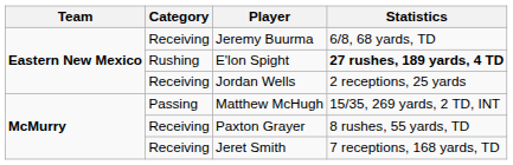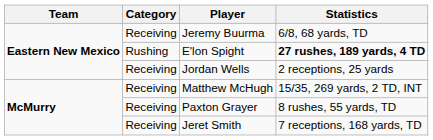 <table class="wikitable" style="float: left;">
 <tr>
 <th>Team</th>
 <th>Category</th>
 <th>Player</th>
 <th>Statistics</th>
 </tr>
 <tr>
 <td rowspan=3><strong>Eastern New Mexico</strong></td>
 <td>Receiving</td>
 <td>Jeremy Buurma</td>
 <td>6/8, 68 yards, TD</td>
 </tr>
 <tr>
 <td>Rushing</td>
 <td>E'lon Spight</td>
 <td><strong>27 rushes, 189 yards, 4 TD</strong></td>
 </tr>
 <tr>
 <td>Receiving</td>
 <td>Jordan Wells</td>
 <td>2 receptions, 25 yards</td>
 </tr>
 <tr>
 <td rowspan=3><strong>McMurry</strong></td>
-<td>Passing</td>
+<td>Receiving</td>
 <td>Matthew McHugh</td>
 <td>15/35, 269 yards, 2 TD, INT</td>
 </tr>
 <tr>
 <td>Receiving</td>
 <td>Paxton Grayer</td>
 <td>8 rushes, 55 yards, TD</td>
 </tr>
 <tr>
 <td>Receiving</td>
 <td>Jeret Smith</td>
 <td>7 receptions, 168 yards, TD</td>
 </tr>
 </table>
